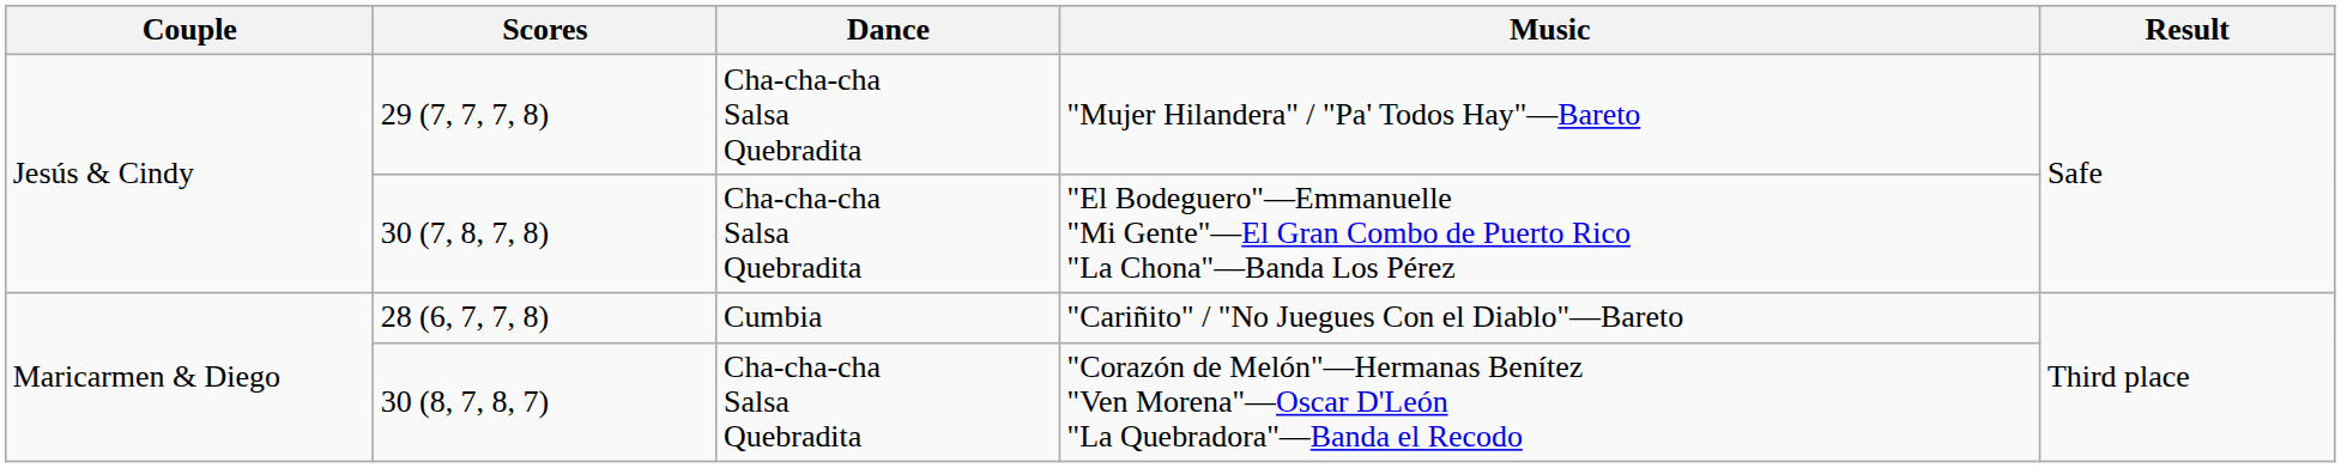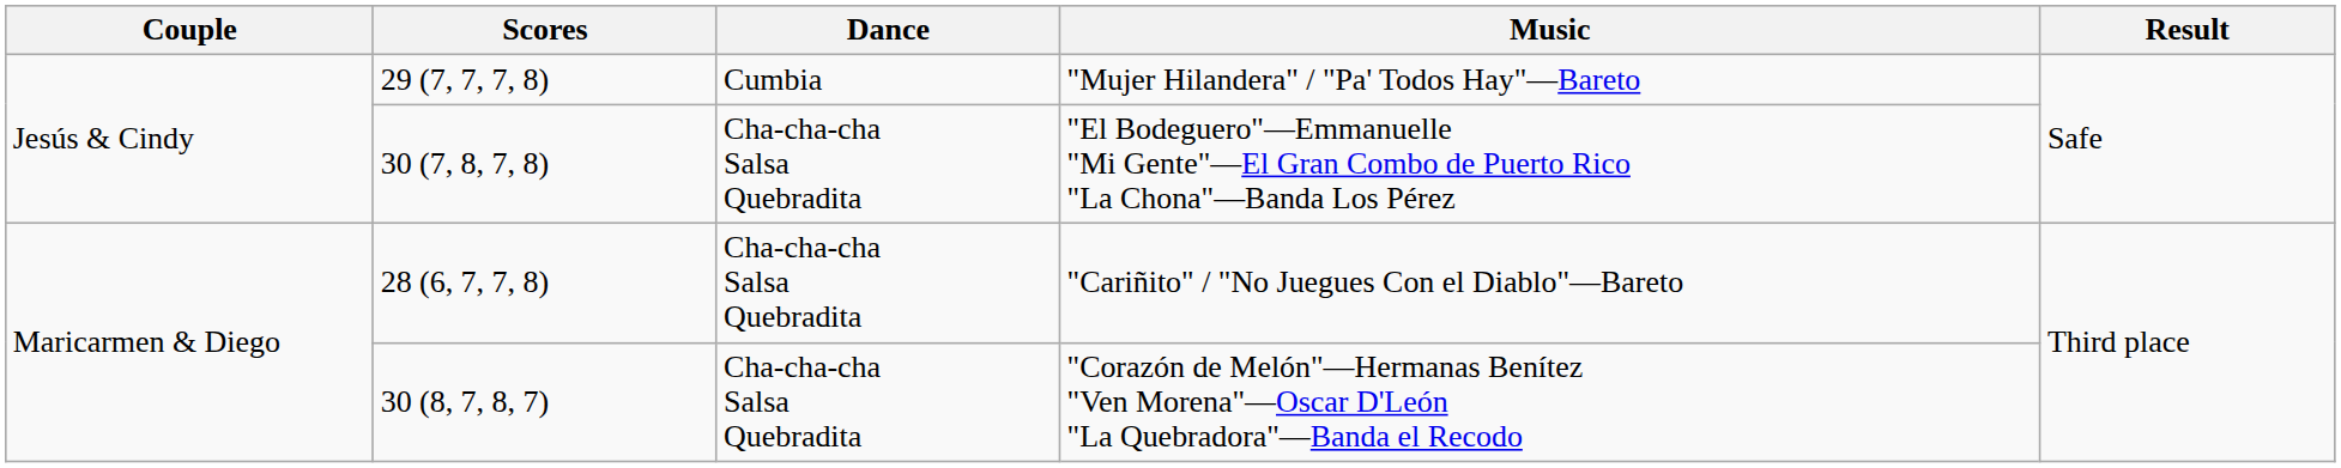 <table class="wikitable sortable" style="width:95%; white-space:nowrap;">
 <tr>
 <th style="width:15%;">Couple</th>
 <th style="width:14%;">Scores</th>
 <th style="width:14%;">Dance</th>
 <th style="width:40%;">Music</th>
 <th style="width:12%;">Result</th>
 </tr>
 <tr>
 <td rowspan=2>Jesús & Cindy</td>
 <td>29 (7, 7, 7, 8)</td>
-<td>Cha-cha-cha<br>Salsa<br>Quebradita</td>
+<td>Cumbia</td>
 <td>"Mujer Hilandera" / "Pa' Todos Hay"—<a href='#'>Bareto</a></td>
 <td rowspan=2>Safe</td>
 </tr>
 <tr>
 <td>30 (7, 8, 7, 8)</td>
 <td>Cha-cha-cha<br>Salsa<br>Quebradita</td>
 <td>"El Bodeguero"—Emmanuelle<br>"Mi Gente"—<a href='#'>El Gran Combo de Puerto Rico</a><br>"La Chona"—Banda Los Pérez</td>
 </tr>
 <tr>
 <td rowspan=2>Maricarmen & Diego</td>
 <td>28 (6, 7, 7, 8)</td>
-<td>Cumbia</td>
+<td>Cha-cha-cha<br>Salsa<br>Quebradita</td>
 <td>"Cariñito" / "No Juegues Con el Diablo"—Bareto</td>
 <td rowspan=2>Third place</td>
 </tr>
 <tr>
 <td>30 (8, 7, 8, 7)</td>
 <td>Cha-cha-cha<br>Salsa<br>Quebradita</td>
 <td>"Corazón de Melón"—Hermanas Benítez<br>"Ven Morena"—<a href='#'>Oscar D'León</a><br>"La Quebradora"—<a href='#'>Banda el Recodo</a></td>
 </tr>
 </table>
